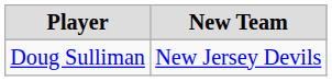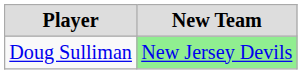 <table class="wikitable">
 <tr style="text-align:center; background:#ddd;">
 <td><strong>Player</strong></td>
 <td><strong>New Team</strong></td>
 </tr>
 <tr>
 <td><a href='#'>Doug Sulliman</a></td>
-<td><a href='#'>New Jersey Devils</a></td>
+<td style="background: lightgreen;"><a href='#'>New Jersey Devils</a></td>
 </tr>
 </table>
